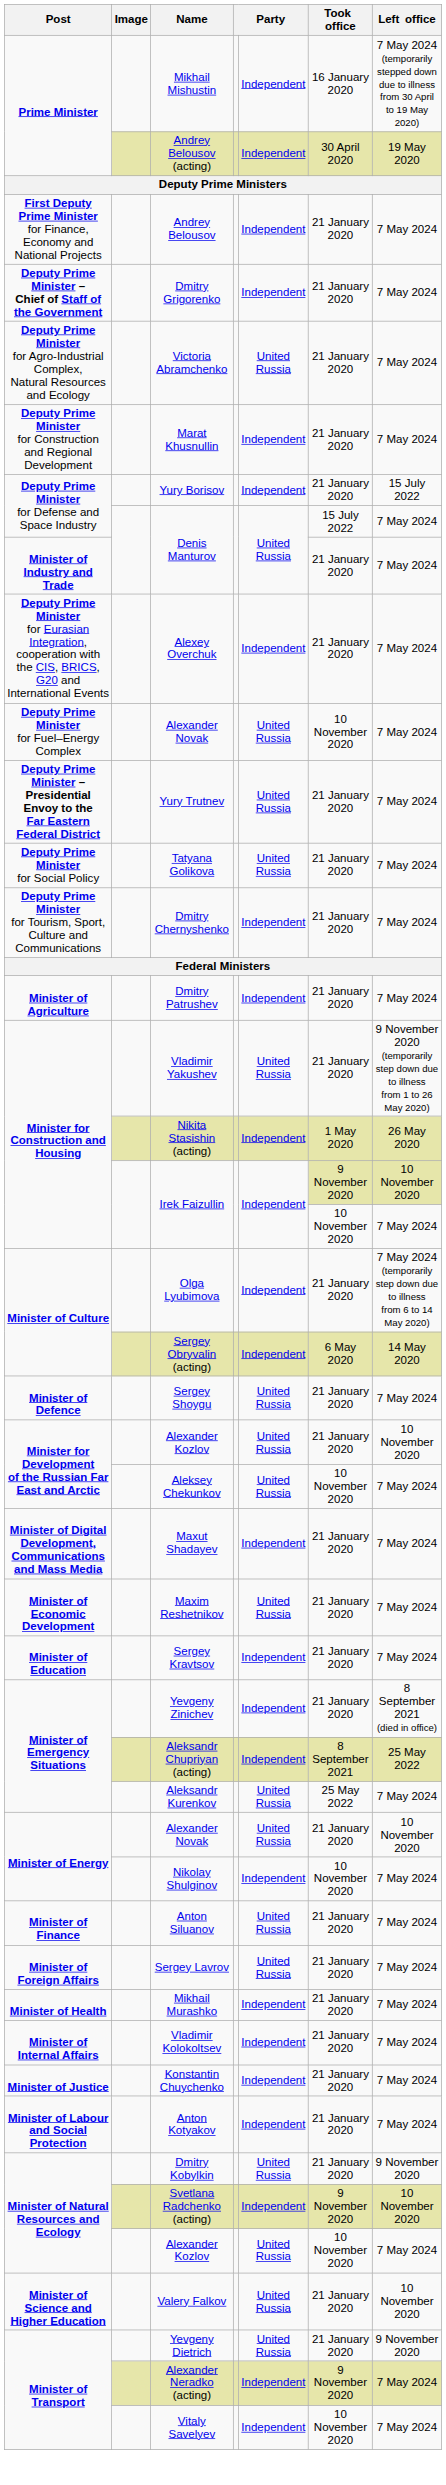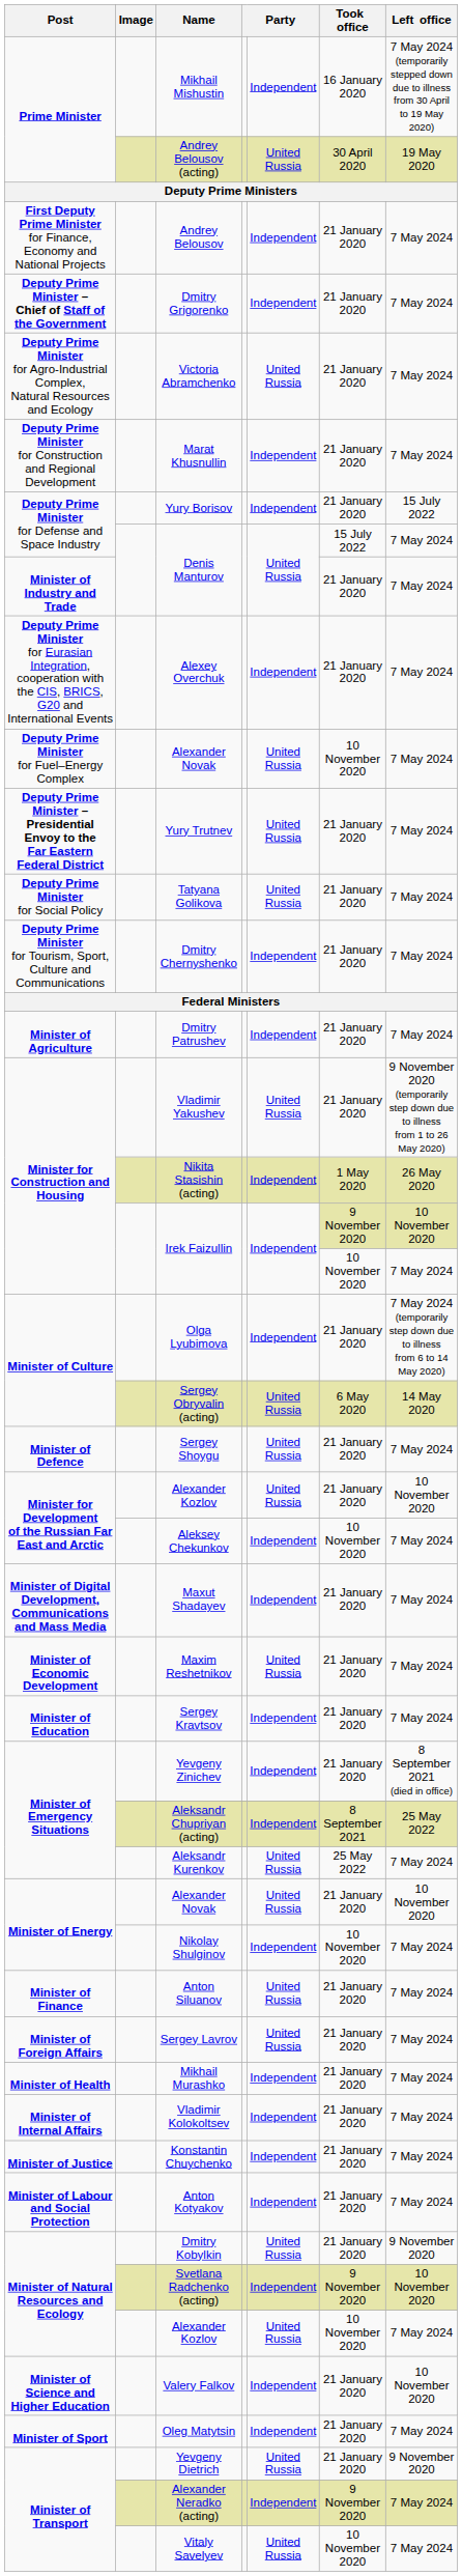 <table class="wikitable" style="text-align:center">
 <tr>
 <th>Post</th>
 <th>Image</th>
 <th>Name</th>
 <th colspan="2">Party</th>
 <th>Took office</th>
 <th>Left office</th>
 </tr>
 <tr>
 <td rowspan=2><br><strong><a href='#'>Prime Minister</a></strong></td>
 <td></td>
 <td><a href='#'>Mikhail Mishustin</a></td>
 <td style="background:"></td>
 <td><a href='#'>Independent</a></td>
 <td>16 January 2020</td>
 <td>7 May 2024<br><small>(temporarily stepped down due to illness<br>from 30 April to 19 May 2020)<br></small></td>
 </tr>
 <tr bgcolor=#E6E6AA>
 <td></td>
 <td><a href='#'>Andrey Belousov</a><br>(acting)</td>
 <td style="background:"></td>
-<td><a href='#'>Independent</a></td>
+<td><a href='#'>United Russia</a></td>
 <td>30 April 2020</td>
 <td>19 May 2020</td>
 </tr>
 <tr>
 <th colspan=7>Deputy Prime Ministers</th>
 </tr>
 <tr>
 <td><strong><a href='#'>First Deputy Prime Minister</a></strong><br>for Finance, Economy and National Projects</td>
 <td></td>
 <td><a href='#'>Andrey Belousov</a></td>
 <td style="background:"></td>
 <td><a href='#'>Independent</a></td>
 <td>21 January 2020</td>
 <td>7 May 2024</td>
 </tr>
 <tr>
 <td><strong><a href='#'>Deputy Prime Minister</a> –<br>Chief of <a href='#'>Staff of the Government</a></strong></td>
 <td></td>
 <td><a href='#'>Dmitry Grigorenko</a></td>
 <td style="background:"></td>
 <td><a href='#'>Independent</a></td>
 <td>21 January 2020</td>
 <td>7 May 2024</td>
 </tr>
 <tr>
 <td><strong><a href='#'>Deputy Prime Minister</a></strong><br>for Agro-Industrial Complex,<br>Natural Resources and Ecology</td>
 <td></td>
 <td><a href='#'>Victoria Abramchenko</a></td>
 <td style="background:"></td>
 <td><a href='#'>United Russia</a></td>
 <td>21 January 2020</td>
 <td>7 May 2024</td>
 </tr>
 <tr>
 <td><strong><a href='#'>Deputy Prime Minister</a></strong><br>for Construction and Regional Development</td>
 <td></td>
 <td><a href='#'>Marat Khusnullin</a></td>
 <td style="background:"></td>
 <td><a href='#'>Independent</a></td>
 <td>21 January 2020</td>
 <td>7 May 2024</td>
 </tr>
 <tr>
 <td rowspan=2><strong><a href='#'>Deputy Prime Minister</a></strong><br>for Defense and Space Industry</td>
 <td></td>
 <td><a href='#'>Yury Borisov</a></td>
 <td style="background:"></td>
 <td><a href='#'>Independent</a></td>
 <td>21 January 2020</td>
 <td>15 July 2022</td>
 </tr>
 <tr>
 <td rowspan=2></td>
 <td rowspan=2><a href='#'>Denis Manturov</a></td>
 <td rowspan=2 style="background:"></td>
 <td rowspan=2><a href='#'>United Russia</a></td>
 <td>15 July 2022</td>
 <td>7 May 2024</td>
 </tr>
 <tr>
 <td><br><strong><a href='#'>Minister of Industry and Trade</a></strong></td>
 <td>21 January 2020</td>
 <td>7 May 2024</td>
 </tr>
 <tr>
 <td><strong><a href='#'>Deputy Prime Minister</a></strong><br>for <a href='#'>Eurasian Integration</a>, cooperation with<br>the <a href='#'>CIS</a>, <a href='#'>BRICS</a>, <a href='#'>G20</a> and International Events</td>
 <td></td>
 <td><a href='#'>Alexey Overchuk</a></td>
 <td style="background:"></td>
 <td><a href='#'>Independent</a></td>
 <td>21 January 2020</td>
 <td>7 May 2024</td>
 </tr>
 <tr>
 <td><strong><a href='#'>Deputy Prime Minister</a></strong><br>for Fuel–Energy Complex</td>
 <td></td>
 <td><a href='#'>Alexander Novak</a></td>
 <td style="background:"></td>
 <td><a href='#'>United Russia</a></td>
 <td>10 November 2020</td>
 <td>7 May 2024</td>
 </tr>
 <tr>
 <td><strong><a href='#'>Deputy Prime Minister</a> –<br>Presidential Envoy to the<br><a href='#'>Far Eastern Federal District</a></strong></td>
 <td></td>
 <td><a href='#'>Yury Trutnev</a></td>
 <td style="background:"></td>
 <td><a href='#'>United Russia</a></td>
 <td>21 January 2020</td>
 <td>7 May 2024</td>
 </tr>
 <tr>
 <td><strong><a href='#'>Deputy Prime Minister</a></strong><br>for Social Policy</td>
 <td></td>
 <td><a href='#'>Tatyana Golikova</a></td>
 <td style="background:"></td>
 <td><a href='#'>United Russia</a></td>
 <td>21 January 2020</td>
 <td>7 May 2024</td>
 </tr>
 <tr>
 <td><strong><a href='#'>Deputy Prime Minister</a></strong><br>for Tourism, Sport,<br>Culture and Communications</td>
 <td></td>
 <td><a href='#'>Dmitry Chernyshenko</a></td>
 <td style="background:"></td>
 <td><a href='#'>Independent</a></td>
 <td>21 January 2020</td>
 <td>7 May 2024</td>
 </tr>
 <tr>
 <th colspan=7>Federal Ministers</th>
 </tr>
 <tr>
 <td><br><strong><a href='#'>Minister of Agriculture</a></strong></td>
 <td></td>
 <td><a href='#'>Dmitry Patrushev</a></td>
 <td style="background:"></td>
 <td><a href='#'>Independent</a></td>
 <td>21 January 2020</td>
 <td>7 May 2024</td>
 </tr>
 <tr>
 <td rowspan=4><br><strong><a href='#'>Minister for Construction and Housing</a></strong></td>
 <td></td>
 <td><a href='#'>Vladimir Yakushev</a></td>
 <td style="background:"></td>
 <td><a href='#'>United Russia</a></td>
 <td>21 January 2020</td>
 <td>9 November 2020<br><small>(temporarily step down due to illness<br>from 1 to 26 May 2020)<br></small></td>
 </tr>
 <tr bgcolor=#E6E6AA>
 <td></td>
 <td><a href='#'>Nikita Stasishin</a><br>(acting)</td>
 <td style="background:"></td>
 <td><a href='#'>Independent</a></td>
 <td>1 May 2020</td>
 <td>26 May 2020</td>
 </tr>
 <tr>
 <td rowspan=2></td>
 <td rowspan=2><a href='#'>Irek Faizullin</a></td>
 <td rowspan=2 style="background:"></td>
 <td rowspan=2><a href='#'>Independent</a></td>
 <td bgcolor=#E6E6AA>9 November 2020</td>
 <td bgcolor=#E6E6AA>10 November 2020</td>
 </tr>
 <tr>
 <td>10 November 2020</td>
 <td>7 May 2024</td>
 </tr>
 <tr>
 <td rowspan=2><br><strong><a href='#'>Minister of Culture</a></strong></td>
 <td></td>
 <td><a href='#'>Olga Lyubimova</a></td>
 <td style="background:"></td>
 <td><a href='#'>Independent</a></td>
 <td>21 January 2020</td>
 <td>7 May 2024<br><small>(temporarily step down due to illness<br>from 6 to 14 May 2020)<br></small></td>
 </tr>
 <tr bgcolor=#E6E6AA>
 <td></td>
 <td><a href='#'>Sergey Obryvalin</a><br>(acting)</td>
 <td style="background:"></td>
-<td><a href='#'>Independent</a></td>
+<td><a href='#'>United Russia</a></td>
 <td>6 May 2020</td>
 <td>14 May 2020</td>
 </tr>
 <tr>
 <td><br><strong><a href='#'>Minister of Defence</a></strong></td>
 <td></td>
 <td><a href='#'>Sergey Shoygu</a></td>
 <td style="background:"></td>
 <td><a href='#'>United Russia</a></td>
 <td>21 January 2020</td>
 <td>7 May 2024</td>
 </tr>
 <tr>
 <td rowspan=2><br><strong><a href='#'>Minister for Development<br>of the Russian Far East and Arctic</a></strong></td>
 <td></td>
 <td><a href='#'>Alexander Kozlov</a></td>
 <td style="background:"></td>
 <td><a href='#'>United Russia</a></td>
 <td>21 January 2020</td>
 <td>10 November 2020</td>
 </tr>
 <tr>
 <td></td>
 <td><a href='#'>Aleksey Chekunkov</a></td>
 <td style="background:"></td>
-<td><a href='#'>United Russia</a></td>
+<td><a href='#'>Independent</a></td>
 <td>10 November 2020</td>
 <td>7 May 2024</td>
 </tr>
 <tr>
 <td><br><strong><a href='#'>Minister of Digital Development,<br>Communications and Mass Media</a></strong></td>
 <td></td>
 <td><a href='#'>Maxut Shadayev</a></td>
 <td style="background:"></td>
 <td><a href='#'>Independent</a></td>
 <td>21 January 2020</td>
 <td>7 May 2024</td>
 </tr>
 <tr>
 <td><br><strong><a href='#'>Minister of Economic Development</a></strong></td>
 <td></td>
 <td><a href='#'>Maxim Reshetnikov</a></td>
 <td style="background:"></td>
 <td><a href='#'>United Russia</a></td>
 <td>21 January 2020</td>
 <td>7 May 2024</td>
 </tr>
 <tr>
 <td><br><strong><a href='#'>Minister of Education</a></strong></td>
 <td></td>
 <td><a href='#'>Sergey Kravtsov</a></td>
 <td style="background:"></td>
 <td><a href='#'>Independent</a></td>
 <td>21 January 2020</td>
 <td>7 May 2024</td>
 </tr>
 <tr>
 <td rowspan=3><br><strong><a href='#'>Minister of Emergency Situations</a></strong></td>
 <td></td>
 <td><a href='#'>Yevgeny Zinichev</a></td>
 <td style="background:"></td>
 <td><a href='#'>Independent</a></td>
 <td>21 January 2020</td>
 <td>8 September 2021<br><small>(died in office)<br></small></td>
 </tr>
 <tr bgcolor=#E6E6AA>
 <td></td>
 <td><a href='#'>Aleksandr Chupriyan</a><br>(acting)</td>
 <td style="background:"></td>
 <td><a href='#'>Independent</a></td>
 <td>8 September 2021</td>
 <td>25 May 2022</td>
 </tr>
 <tr>
 <td></td>
 <td><a href='#'>Aleksandr Kurenkov</a></td>
 <td style="background:"></td>
 <td><a href='#'>United Russia</a></td>
 <td>25 May 2022</td>
 <td>7 May 2024</td>
 </tr>
 <tr>
 <td rowspan=2><br><strong><a href='#'>Minister of Energy</a></strong></td>
 <td></td>
 <td><a href='#'>Alexander Novak</a></td>
 <td style="background:"></td>
 <td><a href='#'>United Russia</a></td>
 <td>21 January 2020</td>
 <td>10 November 2020</td>
 </tr>
 <tr>
 <td></td>
 <td><a href='#'>Nikolay Shulginov</a></td>
 <td style="background:"></td>
 <td><a href='#'>Independent</a></td>
 <td>10 November 2020</td>
 <td>7 May 2024</td>
 </tr>
 <tr>
 <td><br><strong><a href='#'>Minister of Finance</a></strong></td>
 <td></td>
 <td><a href='#'>Anton Siluanov</a></td>
 <td style="background:"></td>
 <td><a href='#'>United Russia</a></td>
 <td>21 January 2020</td>
 <td>7 May 2024</td>
 </tr>
 <tr>
 <td><br><strong><a href='#'>Minister of Foreign Affairs</a></strong></td>
 <td></td>
 <td><a href='#'>Sergey Lavrov</a></td>
 <td style="background:"></td>
 <td><a href='#'>United Russia</a></td>
 <td>21 January 2020</td>
 <td>7 May 2024</td>
 </tr>
 <tr>
 <td><br><strong><a href='#'>Minister of Health</a></strong></td>
 <td></td>
 <td><a href='#'>Mikhail Murashko</a></td>
 <td style="background:"></td>
 <td><a href='#'>Independent</a></td>
 <td>21 January 2020</td>
 <td>7 May 2024</td>
 </tr>
 <tr>
 <td><br><strong><a href='#'>Minister of Internal Affairs</a></strong></td>
 <td></td>
 <td><a href='#'>Vladimir Kolokoltsev</a></td>
 <td style="background:"></td>
 <td><a href='#'>Independent</a></td>
 <td>21 January 2020</td>
 <td>7 May 2024</td>
 </tr>
 <tr>
 <td><br><strong><a href='#'>Minister of Justice</a></strong></td>
 <td></td>
 <td><a href='#'>Konstantin Chuychenko</a></td>
 <td style="background:"></td>
 <td><a href='#'>Independent</a></td>
 <td>21 January 2020</td>
 <td>7 May 2024</td>
 </tr>
 <tr>
 <td><br><strong><a href='#'>Minister of Labour and Social Protection</a></strong></td>
 <td></td>
 <td><a href='#'>Anton Kotyakov</a></td>
 <td style="background:"></td>
 <td><a href='#'>Independent</a></td>
 <td>21 January 2020</td>
 <td>7 May 2024</td>
 </tr>
 <tr>
 <td rowspan=3><br><strong><a href='#'>Minister of Natural Resources and Ecology</a></strong></td>
 <td></td>
 <td><a href='#'>Dmitry Kobylkin</a></td>
 <td style="background:"></td>
 <td><a href='#'>United Russia</a></td>
 <td>21 January 2020</td>
 <td>9 November 2020</td>
 </tr>
 <tr bgcolor=#E6E6AA>
 <td></td>
 <td><a href='#'>Svetlana Radchenko</a><br>(acting)</td>
 <td style="background:"></td>
 <td><a href='#'>Independent</a></td>
 <td>9 November 2020</td>
 <td>10 November 2020</td>
 </tr>
 <tr>
 <td></td>
 <td><a href='#'>Alexander Kozlov</a></td>
 <td style="background:"></td>
 <td><a href='#'>United Russia</a></td>
 <td>10 November 2020</td>
 <td>7 May 2024</td>
 </tr>
 <tr>
 <td><br><strong><a href='#'>Minister of Science and Higher Education</a></strong></td>
 <td></td>
 <td><a href='#'>Valery Falkov</a></td>
 <td style="background:"></td>
-<td><a href='#'>United Russia</a></td>
+<td><a href='#'>Independent</a></td>
 <td>21 January 2020</td>
 <td>10 November 2020</td>
+</tr>
+<tr>
+<td><br><strong><a href='#'>Minister of Sport</a></strong></td>
+<td></td>
+<td><a href='#'>Oleg Matytsin</a></td>
+<td style="background:"></td>
+<td><a href='#'>Independent</a></td>
+<td>21 January 2020</td>
+<td>7 May 2024</td>
 </tr>
 <tr>
 <td rowspan=3><br><strong><a href='#'>Minister of Transport</a></strong></td>
 <td></td>
 <td><a href='#'>Yevgeny Dietrich</a></td>
 <td style="background:"></td>
 <td><a href='#'>United Russia</a></td>
 <td>21 January 2020</td>
 <td>9 November 2020</td>
 </tr>
 <tr bgcolor=#E6E6AA>
 <td></td>
 <td><a href='#'>Alexander Neradko</a><br>(acting)</td>
 <td style="background:"></td>
 <td><a href='#'>Independent</a></td>
 <td>9 November 2020</td>
 <td>7 May 2024</td>
 </tr>
 <tr>
 <td></td>
 <td><a href='#'>Vitaly Savelyev</a></td>
 <td style="background:"></td>
-<td><a href='#'>Independent</a></td>
+<td><a href='#'>United Russia</a></td>
 <td>10 November 2020</td>
 <td>7 May 2024</td>
 </tr>
 </table>
